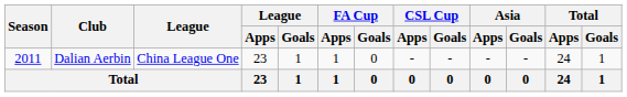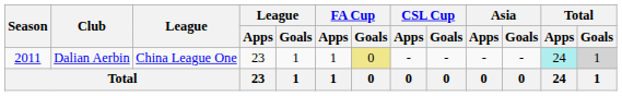 <table class="wikitable" style="text-align: center;">
 <tr>
 <th rowspan="2">Season</th>
 <th rowspan="2">Club</th>
 <th rowspan="2">League</th>
 <th colspan="2">League</th>
 <th colspan="2"><a href='#'>FA Cup</a></th>
 <th colspan="2"><a href='#'>CSL Cup</a></th>
 <th colspan="2">Asia</th>
 <th colspan="2">Total</th>
 </tr>
 <tr>
 <th>Apps</th>
 <th>Goals</th>
 <th>Apps</th>
 <th>Goals</th>
 <th>Apps</th>
 <th>Goals</th>
 <th>Apps</th>
 <th>Goals</th>
 <th>Apps</th>
 <th>Goals</th>
 </tr>
 <tr>
 <td><a href='#'>2011</a></td>
 <td><a href='#'>Dalian Aerbin</a></td>
 <td><a href='#'>China League One</a></td>
 <td>23</td>
 <td>1</td>
 <td>1</td>
-<td>0</td>
+<td style="background: khaki;">0</td>
 <td>-</td>
 <td>-</td>
 <td>-</td>
 <td>-</td>
-<td>24</td>
-<td>1</td>
+<td style="background: paleturquoise;">24</td>
+<td style="background: lightgrey;">1</td>
 </tr>
 <tr>
 <th colspan="3">Total</th>
 <th>23</th>
 <th>1</th>
 <th>1</th>
 <th>0</th>
 <th>0</th>
 <th>0</th>
 <th>0</th>
 <th>0</th>
 <th>24</th>
 <th>1</th>
 </tr>
 </table>
